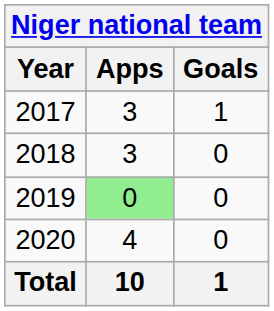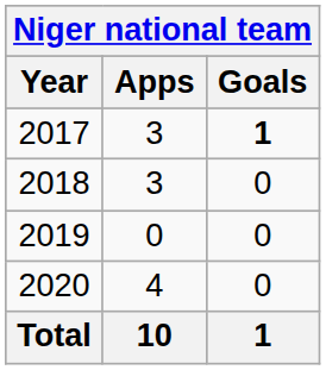 <table class="wikitable" style="text-align:center">
 <tr>
 <th colspan=3><a href='#'>Niger national team</a></th>
 </tr>
 <tr>
 <th>Year</th>
 <th>Apps</th>
 <th>Goals</th>
 </tr>
 <tr>
 <td>2017</td>
 <td>3</td>
-<td>1</td>
+<td><strong>1</strong></td>
 </tr>
 <tr>
 <td>2018</td>
 <td>3</td>
 <td>0</td>
 </tr>
 <tr>
 <td>2019</td>
-<td style="background: lightgreen;">0</td>
+<td>0</td>
 <td>0</td>
 </tr>
 <tr>
 <td>2020</td>
 <td>4</td>
 <td>0</td>
 </tr>
 <tr>
 <th>Total</th>
 <th>10</th>
 <th>1</th>
 </tr>
 </table>
